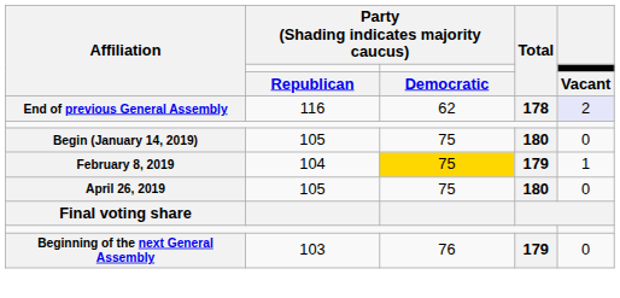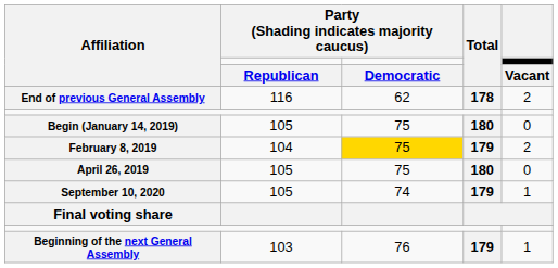 <table class="wikitable" style="text-align:center; width:50%">
 <tr>
 <th rowspan="3">Affiliation</th>
 <th colspan="2">Party<div>(Shading indicates majority caucus)</div></th>
 <th rowspan="3">Total</th>
 <th></th>
 </tr>
 <tr style="height:5px">
 <td style="background-color:"></td>
 <td style="background-color:"></td>
 <td style="background-color:black"></td>
 </tr>
 <tr>
 <th><a href='#'>Republican</a></th>
 <th><a href='#'>Democratic</a></th>
 <th>Vacant</th>
 </tr>
 <tr>
 <th style="font-size:80%">End of <a href='#'>previous General Assembly</a></th>
 <td>116</td>
 <td>62</td>
 <th>178</th>
-<td style="background: lavender;">2</td>
+<td>2</td>
 </tr>
 <tr>
 <td colspan="4"></td>
 </tr>
 <tr>
 <th nowrap="" style="font-size:80%">Begin (January 14, 2019)</th>
 <td>105</td>
 <td>75</td>
 <th>180</th>
 <td>0</td>
 </tr>
 <tr>
 <th nowrap="" style="font-size:80%">February 8, 2019</th>
 <td>104</td>
 <td style="background: gold;">75</td>
 <th>179</th>
-<td>1</td>
+<td>2</td>
 </tr>
 <tr>
 <th nowrap="" style="font-size:80%">April 26, 2019</th>
 <td>105</td>
 <td>75</td>
 <th>180</th>
 <td>0</td>
+</tr>
+<tr>
+<th nowrap="" style="font-size:80%">September 10, 2020</th>
+<td>105</td>
+<td>74</td>
+<th>179</th>
+<td>1</td>
 </tr>
 <tr>
 <th>Final voting share</th>
 <th colspan="1" ></th>
 <th></th>
 <th colspan="2"></th>
 </tr>
 <tr>
 <td colspan="4"></td>
 </tr>
 <tr>
 <th style="font-size:80%">Beginning of the <a href='#'>next General Assembly</a></th>
 <td>103</td>
 <td>76</td>
 <th>179</th>
-<td>0</td>
+<td>1</td>
 </tr>
 </table>
